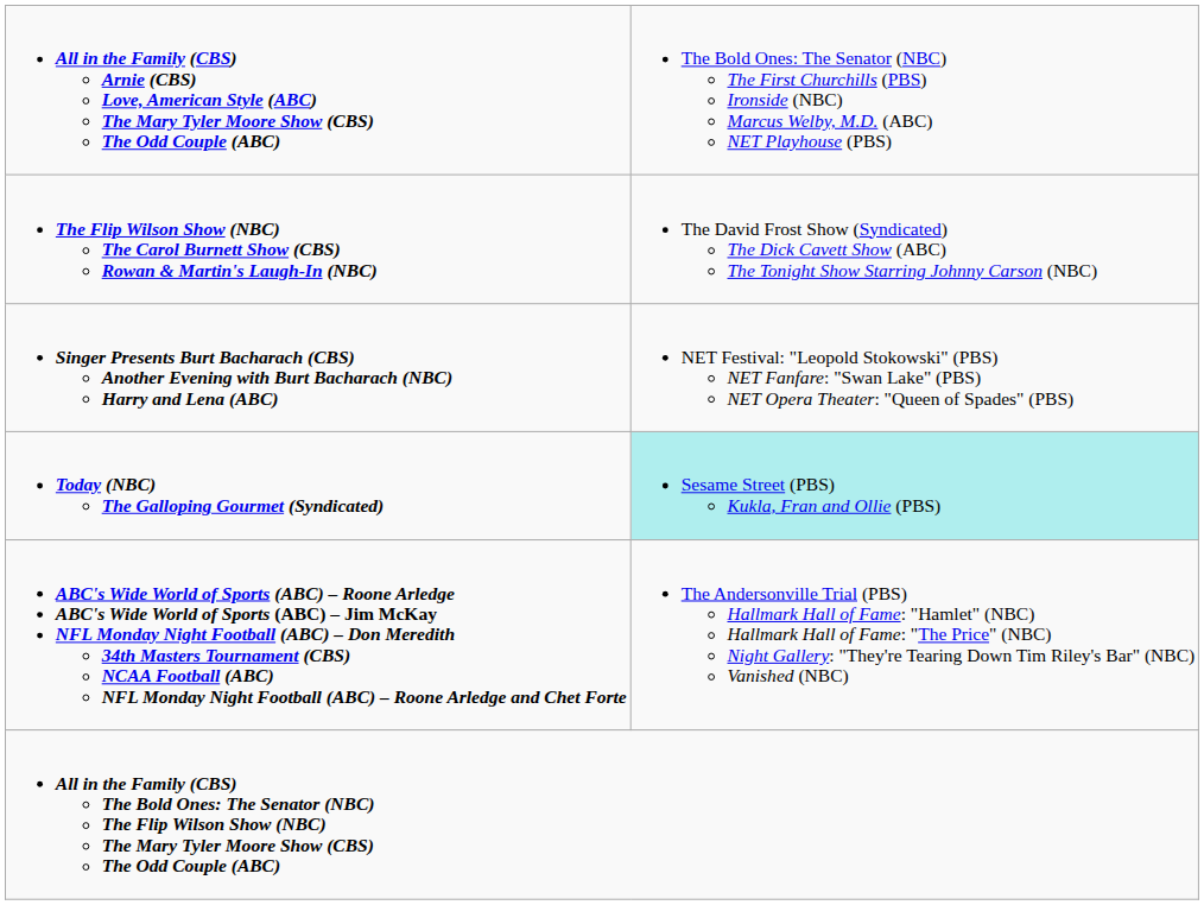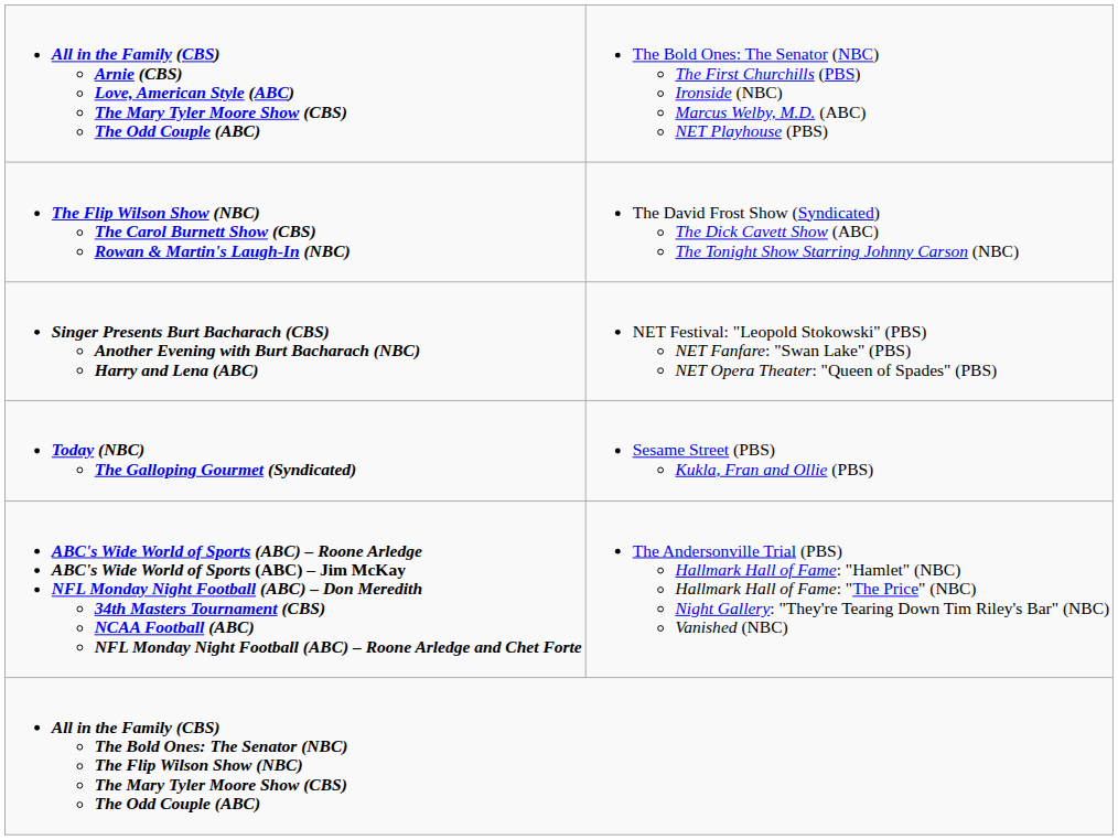 <table class="wikitable">
 <tr>
 <td style="vertical-align:top;"><br><ul><li><strong><em><a href='#'>All in the Family</a> <em>(<a href='#'>CBS</a>)<strong><ul><li></em><a href='#'>Arnie</a><em> (CBS)</li><li></em><a href='#'>Love, American Style</a><em> (<a href='#'>ABC</a>)</li><li></em><a href='#'>The Mary Tyler Moore Show</a><em> (CBS)</li><li></em><a href='#'>The Odd Couple</a><em> (ABC)</li></ul></li></ul></td>
 <td style="vertical-align:top;"><br><ul><li></em></strong><a href='#'>The Bold Ones: The Senator</a></em> (<a href='#'>NBC</a>)</strong><ul><li><em><a href='#'>The First Churchills</a></em> (<a href='#'>PBS</a>)</li><li><em><a href='#'>Ironside</a></em> (NBC)</li><li><em><a href='#'>Marcus Welby, M.D.</a></em> (ABC)</li><li><em><a href='#'>NET Playhouse</a></em> (PBS)</li></ul></li></ul></td>
 </tr>
 <tr>
 <td style="vertical-align:top;"><br><ul><li><strong><em><a href='#'>The Flip Wilson Show</a><em> (NBC)<strong><ul><li></em><a href='#'>The Carol Burnett Show</a><em> (CBS)</li><li></em><a href='#'>Rowan & Martin's Laugh-In</a><em> (NBC)</li></ul></li></ul></td>
 <td style="vertical-align:top;"><br><ul><li></em></strong>The David Frost Show</em> (<a href='#'>Syndicated</a>)</strong><ul><li><em><a href='#'>The Dick Cavett Show</a></em> (ABC)</li><li><em><a href='#'>The Tonight Show Starring Johnny Carson</a></em> (NBC)</li></ul></li></ul></td>
 </tr>
 <tr>
 <td style="vertical-align:top;"><br><ul><li><strong><em>Singer Presents Burt Bacharach<em> (CBS)<strong><ul><li></em>Another Evening with Burt Bacharach<em> (NBC)</li><li></em>Harry and Lena<em> (ABC)</li></ul></li></ul></td>
 <td style="vertical-align:top;"><br><ul><li></em></strong>NET Festival</em>: "Leopold Stokowski" (PBS)</strong><ul><li><em>NET Fanfare</em>: "Swan Lake" (PBS)</li><li><em>NET Opera Theater</em>: "Queen of Spades" (PBS)</li></ul></li></ul></td>
 </tr>
 <tr>
 <td style="vertical-align:top;"><br><ul><li><strong><em><a href='#'>Today</a><em> (NBC)<strong><ul><li></em><a href='#'>The Galloping Gourmet</a><em> (Syndicated)</li></ul></li></ul></td>
-<td style="background: paleturquoise; vertical-align:top;"><br><ul><li></em></strong><a href='#'>Sesame Street</a></em> (PBS)</strong><ul><li><em><a href='#'>Kukla, Fran and Ollie</a></em> (PBS)</li></ul></li></ul></td>
+<td style="vertical-align:top;"><br><ul><li></em></strong><a href='#'>Sesame Street</a></em> (PBS)</strong><ul><li><em><a href='#'>Kukla, Fran and Ollie</a></em> (PBS)</li></ul></li></ul></td>
 </tr>
 <tr>
 <td style="vertical-align:top;"><br><ul><li><strong><em><a href='#'>ABC's Wide World of Sports</a><em> (ABC) – Roone Arledge<strong></li><li></em></strong>ABC's Wide World of Sports</em> (ABC) – Jim McKay</strong></li><li><strong><em><a href='#'>NFL Monday Night Football</a><em> (ABC) – Don Meredith<strong><ul><li></em><a href='#'>34th Masters Tournament</a><em> (CBS)</li><li></em><a href='#'>NCAA Football</a><em> (ABC)</li><li></em>NFL Monday Night Football<em> (ABC) – Roone Arledge and Chet Forte</li></ul></li></ul></td>
 <td style="vertical-align:top;"><br><ul><li></em></strong><a href='#'>The Andersonville Trial</a></em> (PBS)</strong><ul><li><em><a href='#'>Hallmark Hall of Fame</a></em>: "Hamlet" (NBC)</li><li><em>Hallmark Hall of Fame</em>: "<a href='#'>The Price</a>" (NBC)</li><li><em><a href='#'>Night Gallery</a></em>: "They're Tearing Down Tim Riley's Bar" (NBC)</li><li><em>Vanished</em> (NBC)</li></ul></li></ul></td>
 </tr>
 <tr>
 <td style="vertical-align:top;" colspan="2"><br><ul><li><strong><em>All in the Family<em> (CBS)<strong><ul><li></em>The Bold Ones: The Senator<em> (NBC)</li><li></em>The Flip Wilson Show<em> (NBC)</li><li></em>The Mary Tyler Moore Show<em> (CBS)</li><li></em>The Odd Couple<em> (ABC)</li></ul></li></ul></td>
 </tr>
 </table>
